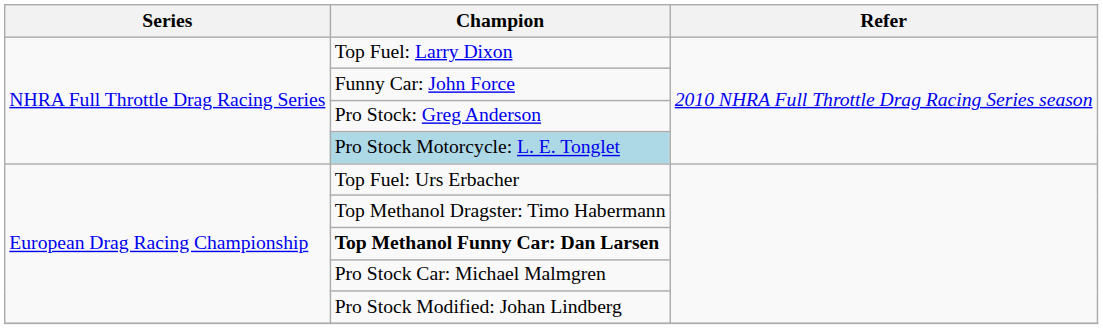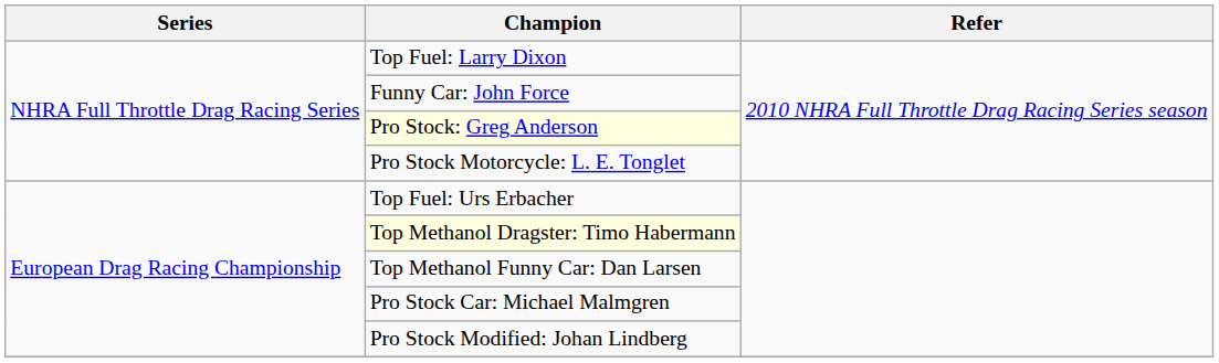 <table class="wikitable" style="font-size:87%;">
 <tr>
 <th>Series</th>
 <th>Champion</th>
 <th>Refer</th>
 </tr>
 <tr>
 <td rowspan=4><a href='#'>NHRA Full Throttle Drag Racing Series</a></td>
 <td>Top Fuel:  <a href='#'>Larry Dixon</a></td>
 <td rowspan=4><em><a href='#'>2010 NHRA Full Throttle Drag Racing Series season</a></em></td>
 </tr>
 <tr>
 <td>Funny Car:  <a href='#'>John Force</a></td>
 </tr>
 <tr>
-<td>Pro Stock:  <a href='#'>Greg Anderson</a></td>
+<td style="background: lightyellow;">Pro Stock:  <a href='#'>Greg Anderson</a></td>
 </tr>
 <tr>
-<td style="background: lightblue;">Pro Stock Motorcycle:  <a href='#'>L. E. Tonglet</a></td>
+<td>Pro Stock Motorcycle:  <a href='#'>L. E. Tonglet</a></td>
 </tr>
 <tr>
 <td rowspan=5><a href='#'>European Drag Racing Championship</a></td>
 <td>Top Fuel:  Urs Erbacher</td>
 <td rowspan=5></td>
 </tr>
 <tr>
-<td>Top Methanol Dragster:  Timo Habermann</td>
+<td style="background: lightyellow;">Top Methanol Dragster:  Timo Habermann</td>
 </tr>
 <tr>
-<td><strong>Top Methanol Funny Car:  Dan Larsen</strong></td>
+<td>Top Methanol Funny Car:  Dan Larsen</td>
 </tr>
 <tr>
 <td>Pro Stock Car:  Michael Malmgren</td>
 </tr>
 <tr>
 <td>Pro Stock Modified:  Johan Lindberg</td>
 </tr>
 <tr>
 </tr>
 </table>
